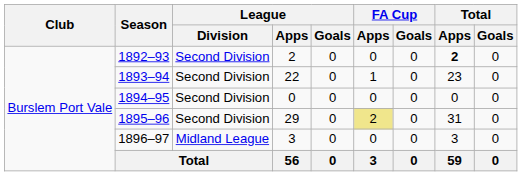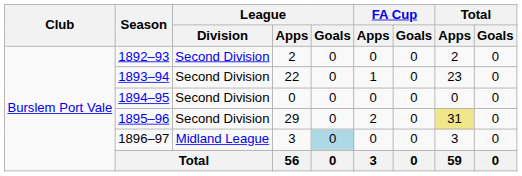 <table class="wikitable" style="text-align:center">
 <tr>
 <th rowspan="2">Club</th>
 <th rowspan="2">Season</th>
 <th colspan="3">League</th>
 <th colspan="2"><a href='#'>FA Cup</a></th>
 <th colspan="2">Total</th>
 </tr>
 <tr>
 <th>Division</th>
 <th>Apps</th>
 <th>Goals</th>
 <th>Apps</th>
 <th>Goals</th>
 <th>Apps</th>
 <th>Goals</th>
 </tr>
 <tr>
 <td rowspan="6"><a href='#'>Burslem Port Vale</a></td>
 <td><a href='#'>1892–93</a></td>
 <td><a href='#'>Second Division</a></td>
 <td>2</td>
 <td>0</td>
 <td>0</td>
 <td>0</td>
-<td><strong>2</strong></td>
+<td>2</td>
 <td>0</td>
 </tr>
 <tr>
 <td><a href='#'>1893–94</a></td>
 <td>Second Division</td>
 <td>22</td>
 <td>0</td>
 <td>1</td>
 <td>0</td>
 <td>23</td>
 <td>0</td>
 </tr>
 <tr>
 <td><a href='#'>1894–95</a></td>
 <td>Second Division</td>
 <td>0</td>
 <td>0</td>
 <td>0</td>
 <td>0</td>
 <td>0</td>
 <td>0</td>
 </tr>
 <tr>
 <td><a href='#'>1895–96</a></td>
 <td>Second Division</td>
 <td>29</td>
 <td>0</td>
-<td style="background: khaki;">2</td>
+<td>2</td>
 <td>0</td>
-<td>31</td>
+<td style="background: khaki;">31</td>
 <td>0</td>
 </tr>
 <tr>
 <td>1896–97</td>
 <td><a href='#'>Midland League</a></td>
 <td>3</td>
-<td>0</td>
+<td style="background: lightblue;">0</td>
 <td>0</td>
 <td>0</td>
 <td>3</td>
 <td>0</td>
 </tr>
 <tr>
 <th colspan="2">Total</th>
 <th>56</th>
 <th>0</th>
 <th>3</th>
 <th>0</th>
 <th>59</th>
 <th>0</th>
 </tr>
 </table>
